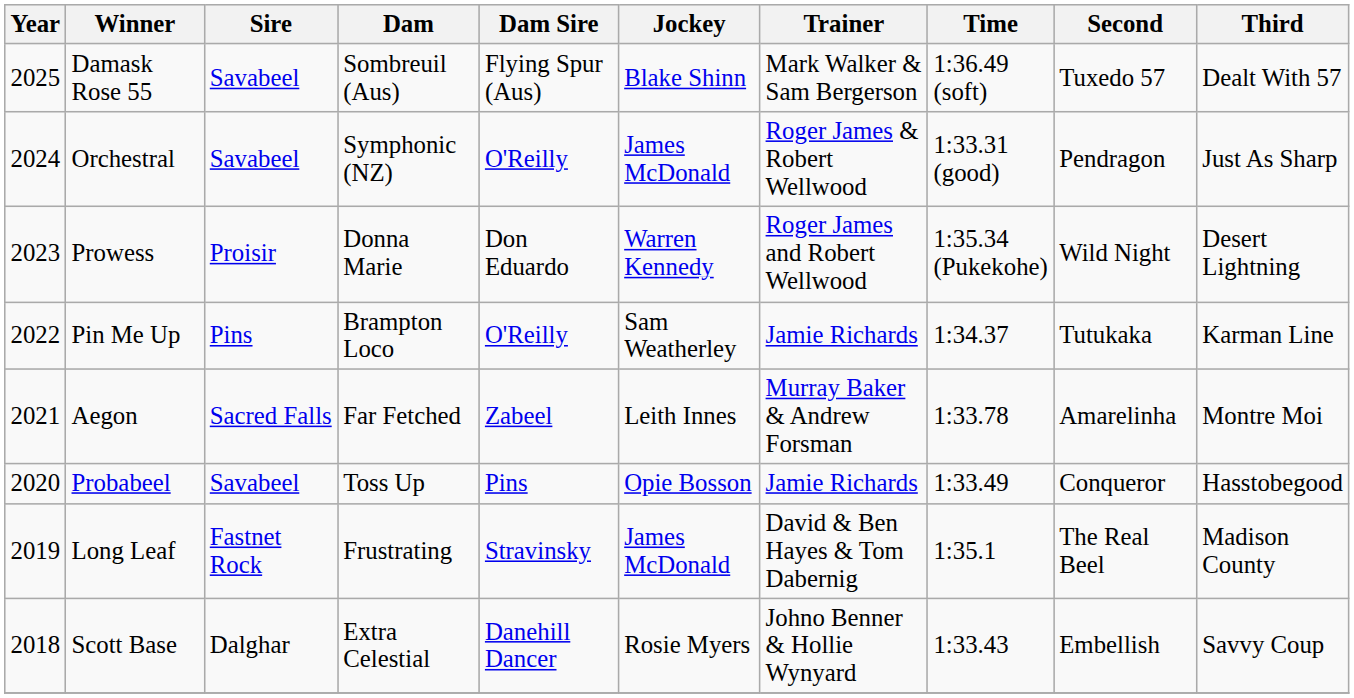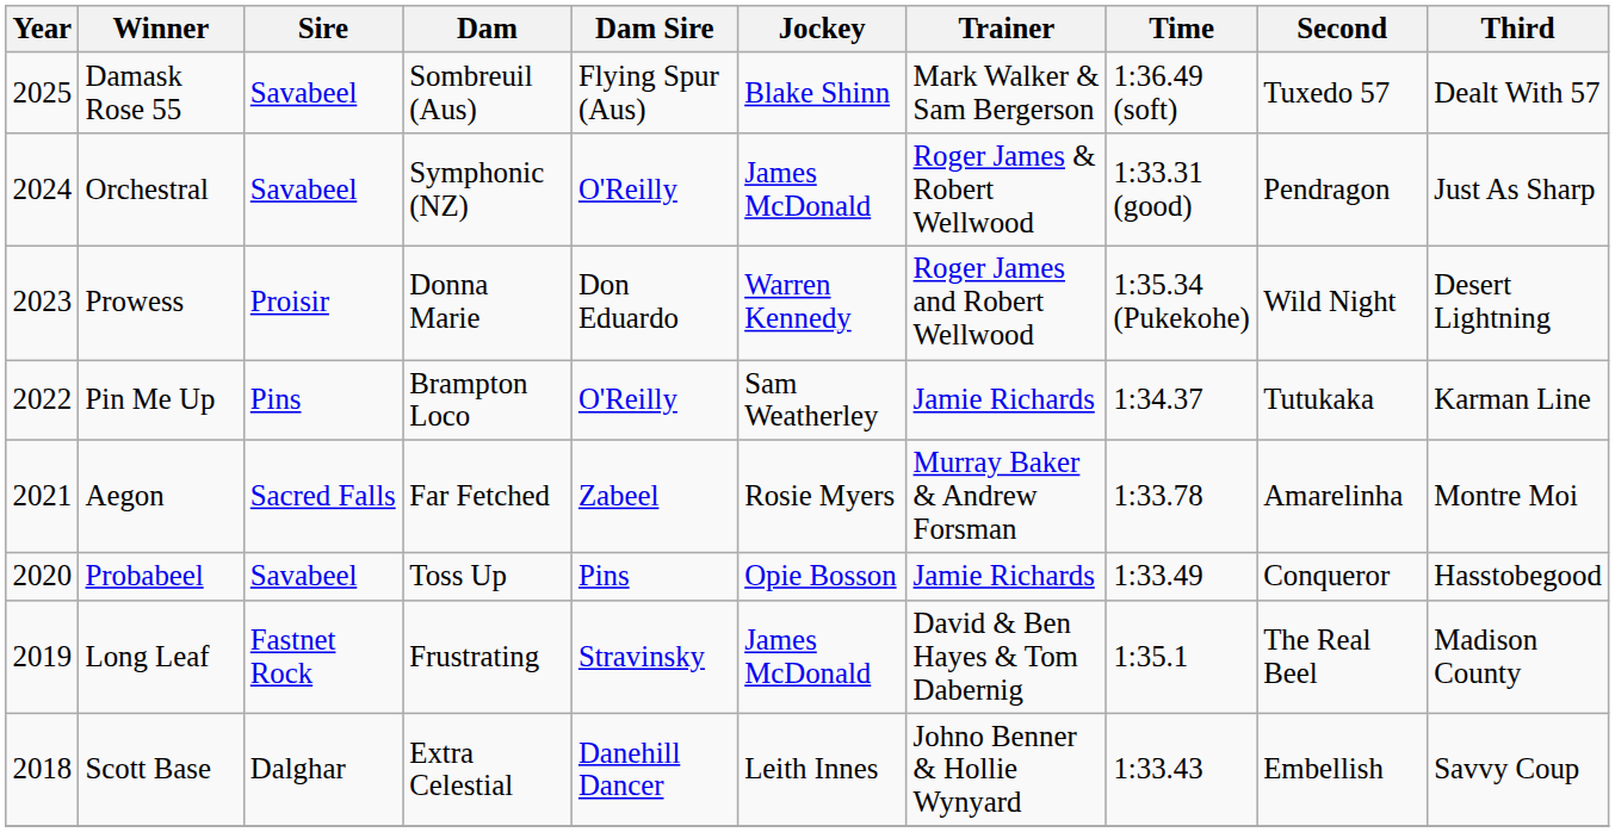 <table class="wikitable sortable">
 <tr>
 <th width="30px">Year<br></th>
 <th width="90px">Winner<br></th>
 <th width="90px">Sire <br></th>
 <th width="90px">Dam<br></th>
 <th width="90px">Dam Sire<br></th>
 <th width="90px">Jockey<br></th>
 <th width="120px">Trainer<br></th>
 <th width="60px">Time<br></th>
 <th width="90px">Second<br></th>
 <th width="90px">Third<br></th>
 </tr>
 <tr>
 <td>2025</td>
 <td>Damask Rose 55</td>
 <td><a href='#'>Savabeel</a></td>
 <td>Sombreuil (Aus)</td>
 <td>Flying Spur (Aus)</td>
 <td><a href='#'>Blake Shinn</a></td>
 <td>Mark Walker & Sam Bergerson</td>
 <td>1:36.49 (soft)</td>
 <td>Tuxedo 57</td>
 <td>Dealt With 57</td>
 </tr>
 <tr>
 <td>2024 </td>
 <td>Orchestral</td>
 <td><a href='#'>Savabeel</a></td>
 <td>Symphonic (NZ)</td>
 <td><a href='#'>O'Reilly</a></td>
 <td><a href='#'>James McDonald</a></td>
 <td><a href='#'>Roger James</a> & Robert Wellwood</td>
 <td>1:33.31 (good)</td>
 <td>Pendragon</td>
 <td>Just As Sharp</td>
 </tr>
 <tr>
 <td>2023 </td>
 <td>Prowess</td>
 <td><a href='#'>Proisir</a></td>
 <td>Donna Marie</td>
 <td>Don Eduardo</td>
 <td><a href='#'>Warren Kennedy</a></td>
 <td><a href='#'>Roger James</a> and Robert Wellwood</td>
 <td>1:35.34 (Pukekohe)</td>
 <td>Wild Night</td>
 <td>Desert Lightning</td>
 </tr>
 <tr>
 <td>2022 </td>
 <td>Pin Me Up</td>
 <td><a href='#'>Pins</a></td>
 <td>Brampton Loco</td>
 <td><a href='#'>O'Reilly</a></td>
 <td>Sam Weatherley</td>
 <td><a href='#'>Jamie Richards</a></td>
 <td>1:34.37</td>
 <td>Tutukaka</td>
 <td>Karman Line</td>
 </tr>
 <tr>
 <td>2021 </td>
 <td>Aegon</td>
 <td><a href='#'>Sacred Falls</a></td>
 <td>Far Fetched</td>
 <td><a href='#'>Zabeel</a></td>
-<td>Leith Innes</td>
+<td>Rosie Myers</td>
 <td><a href='#'>Murray Baker</a> & Andrew Forsman</td>
 <td>1:33.78</td>
 <td>Amarelinha</td>
 <td>Montre Moi</td>
 </tr>
 <tr>
 <td>2020 </td>
 <td><a href='#'>Probabeel</a></td>
 <td><a href='#'>Savabeel</a></td>
 <td>Toss Up</td>
 <td><a href='#'>Pins</a></td>
 <td><a href='#'>Opie Bosson</a></td>
 <td><a href='#'>Jamie Richards</a></td>
 <td>1:33.49</td>
 <td>Conqueror</td>
 <td>Hasstobegood</td>
 </tr>
 <tr>
 <td>2019 </td>
 <td>Long Leaf</td>
 <td><a href='#'>Fastnet Rock</a></td>
 <td>Frustrating</td>
 <td><a href='#'>Stravinsky</a></td>
 <td><a href='#'>James McDonald</a></td>
 <td>David & Ben Hayes & Tom Dabernig</td>
 <td>1:35.1</td>
 <td>The Real Beel</td>
 <td>Madison County</td>
 </tr>
 <tr>
 <td>2018 </td>
 <td>Scott Base</td>
 <td>Dalghar</td>
 <td>Extra Celestial</td>
 <td><a href='#'>Danehill Dancer</a></td>
-<td>Rosie Myers</td>
+<td>Leith Innes</td>
 <td>Johno Benner & Hollie Wynyard</td>
 <td>1:33.43</td>
 <td>Embellish</td>
 <td>Savvy Coup</td>
 </tr>
 <tr>
 </tr>
 </table>
